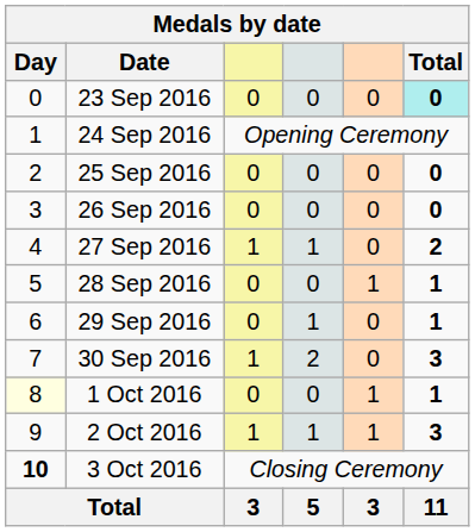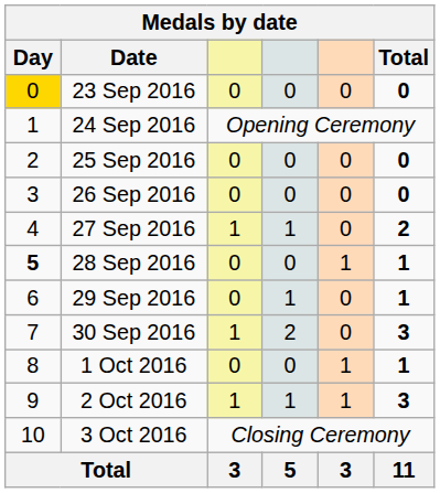 <table class="wikitable" style="font-size:90%; text-align:center;">
 <tr style="background:#efefef;">
 <th colspan=6><strong>Medals by date</strong></th>
 </tr>
 <tr>
 <th width=30><strong>Day</strong></th>
 <th width=90><strong>Date</strong></th>
 <th width=30 style="background:#F7F6A8;"></th>
 <th width=30 style="background:#DCE5E5;"></th>
 <th width=30 style="background:#FFDAB9;"></th>
 <th width=30><strong>Total</strong></th>
 </tr>
 <tr>
-<td>0</td>
+<td style="background: gold;">0</td>
 <td>23 Sep 2016</td>
 <td style="background:#F7F6A8;">0</td>
 <td style="background:#DCE5E5;">0</td>
 <td style="background:#FFDAB9;">0</td>
-<td style="background: paleturquoise;"><strong>0</strong></td>
+<td><strong>0</strong></td>
 </tr>
 <tr>
 <td>1</td>
 <td>24 Sep 2016</td>
 <td colspan=4><em>Opening Ceremony</em></td>
 </tr>
 <tr>
 <td>2</td>
 <td>25 Sep 2016</td>
 <td style="background:#F7F6A8;">0</td>
 <td style="background:#DCE5E5;">0</td>
 <td style="background:#FFDAB9;">0</td>
 <td><strong>0</strong></td>
 </tr>
 <tr>
 <td>3</td>
 <td>26 Sep 2016</td>
 <td style="background:#F7F6A8;">0</td>
 <td style="background:#DCE5E5;">0</td>
 <td style="background:#FFDAB9;">0</td>
 <td><strong>0</strong></td>
 </tr>
 <tr>
 <td>4</td>
 <td>27 Sep 2016</td>
 <td style="background:#F7F6A8;">1</td>
 <td style="background:#DCE5E5;">1</td>
 <td style="background:#FFDAB9;">0</td>
 <td><strong>2</strong></td>
 </tr>
 <tr>
-<td>5</td>
+<td><strong>5</strong></td>
 <td>28 Sep 2016</td>
 <td style="background:#F7F6A8;">0</td>
 <td style="background:#DCE5E5;">0</td>
 <td style="background:#FFDAB9;">1</td>
 <td><strong>1</strong></td>
 </tr>
 <tr>
 <td>6</td>
 <td>29 Sep 2016</td>
 <td style="background:#F7F6A8;">0</td>
 <td style="background:#DCE5E5;">1</td>
 <td style="background:#FFDAB9;">0</td>
 <td><strong>1</strong></td>
 </tr>
 <tr>
 <td>7</td>
 <td>30 Sep 2016</td>
 <td style="background:#F7F6A8;">1</td>
 <td style="background:#DCE5E5;">2</td>
 <td style="background:#FFDAB9;">0</td>
 <td><strong>3</strong></td>
 </tr>
 <tr>
-<td style="background: lightyellow;">8</td>
+<td>8</td>
 <td>1 Oct 2016</td>
 <td style="background:#F7F6A8;">0</td>
 <td style="background:#DCE5E5;">0</td>
 <td style="background:#FFDAB9;">1</td>
 <td><strong>1</strong></td>
 </tr>
 <tr>
 <td>9</td>
 <td>2 Oct 2016</td>
 <td style="background:#F7F6A8;">1</td>
 <td style="background:#DCE5E5;">1</td>
 <td style="background:#FFDAB9;">1</td>
 <td><strong>3</strong></td>
 </tr>
 <tr>
-<td><strong>10</strong></td>
+<td>10</td>
 <td>3 Oct 2016</td>
 <td colspan=4><em>Closing Ceremony</em></td>
 </tr>
 <tr>
 <th colspan="2"><strong>Total</strong></th>
 <th><strong>3</strong></th>
 <th><strong>5</strong></th>
 <th><strong>3</strong></th>
 <th><strong>11</strong></th>
 </tr>
 </table>
